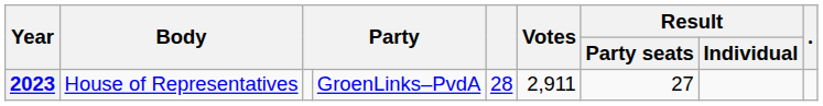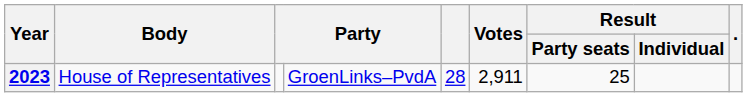 <table class="wikitable plainrowheaders sortable" border=2 cellpadding=4 cellspacing=0 style="border: 1px #aaa solid; font-size: 90%; text-align:center;">
 <tr>
 <th scope="col" rowspan=2>Year</th>
 <th scope="col" rowspan=2>Body</th>
 <th scope="col" colspan=2 rowspan=2>Party</th>
 <th scope="col" rowspan=2></th>
 <th scope="col" rowspan=2>Votes</th>
 <th scope="colgroup" colspan=2>Result</th>
 <th scope="col" rowspan=2 class="unsortable">.</th>
 </tr>
 <tr>
 <th scope="col">Party seats</th>
 <th scope="col">Individual</th>
 </tr>
 <tr>
 <th scope="row"><a href='#'>2023</a></th>
 <td><a href='#'>House of Representatives</a></td>
 <td style="background-color:"></td>
 <td><a href='#'>GroenLinks–PvdA</a></td>
 <td style=text-align:right><a href='#'>28</a></td>
 <td style=text-align:right>2,911</td>
-<td style=text-align:right>27</td>
+<td style=text-align:right>25</td>
 <td></td>
 <td></td>
 </tr>
 </table>
